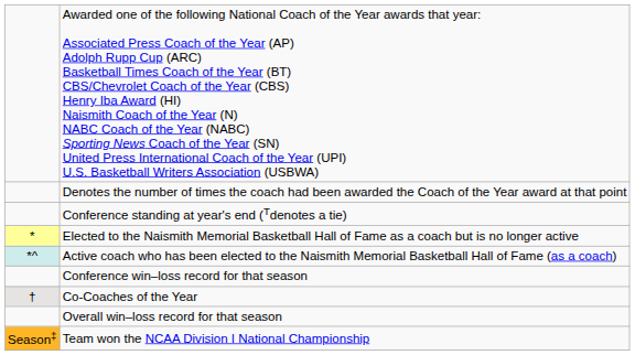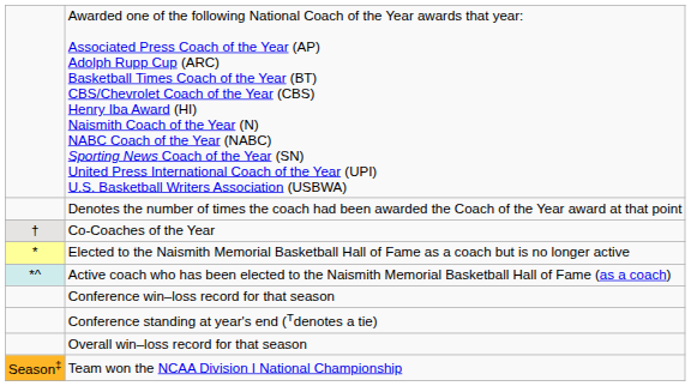 <table class="wikitable">
 <tr>
 <td></td>
 <td>Awarded one of the following National Coach of the Year awards that year:<br><br><a href='#'>Associated Press Coach of the Year</a> (AP)<br> <a href='#'>Adolph Rupp Cup</a> (ARC)<br> <a href='#'>Basketball Times Coach of the Year</a> (BT)<br> <a href='#'>CBS/Chevrolet Coach of the Year</a> (CBS)<br> <a href='#'>Henry Iba Award</a> (HI) <br> <a href='#'>Naismith Coach of the Year</a> (N)<br> <a href='#'>NABC Coach of the Year</a> (NABC)<br> <a href='#'><em>Sporting News</em> Coach of the Year</a> (SN)<br> <a href='#'>United Press International Coach of the Year</a> (UPI)<br> <a href='#'>U.S. Basketball Writers Association</a> (USBWA)</td>
 </tr>
 <tr>
 <td></td>
 <td>Denotes the number of times the coach had been awarded the Coach of the Year award at that point</td>
 </tr>
 <tr>
-<td></td>
-<td>Conference standing at year's end (<sup>T</sup>denotes a tie)</td>
+<td style="background-color:#E5E4E2; text-align:center;">†</td>
+<td>Co-Coaches of the Year</td>
 </tr>
 <tr>
 <td style="background-color:#FFFF99; width:3em; text-align:center;">*</td>
 <td>Elected to the Naismith Memorial Basketball Hall of Fame as a coach but is no longer active</td>
 </tr>
 <tr>
 <td style="background-color:#CFECEC; width:3em; text-align:center;">*^</td>
 <td>Active coach who has been elected to the Naismith Memorial Basketball Hall of Fame (<a href='#'>as a coach</a>)</td>
 </tr>
 <tr>
 <td></td>
 <td>Conference win–loss record for that season</td>
 </tr>
 <tr>
-<td style="background-color:#E5E4E2; text-align:center;">†</td>
-<td>Co-Coaches of the Year</td>
+<td></td>
+<td>Conference standing at year's end (<sup>T</sup>denotes a tie)</td>
 </tr>
 <tr>
 <td></td>
 <td>Overall win–loss record for that season</td>
 </tr>
 <tr>
 <td style="background-color:#ffb626; width:3em">Season<sup>‡</sup></td>
 <td>Team won the <a href='#'>NCAA Division I National Championship</a></td>
 </tr>
 </table>
